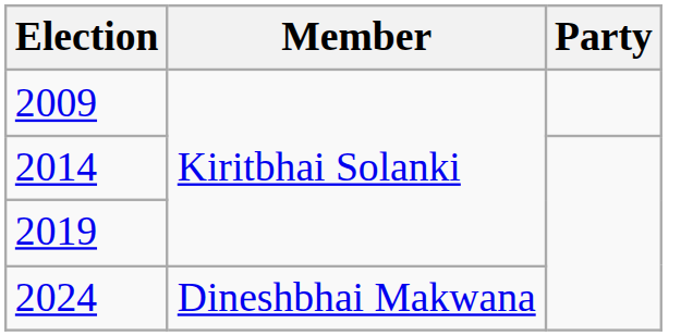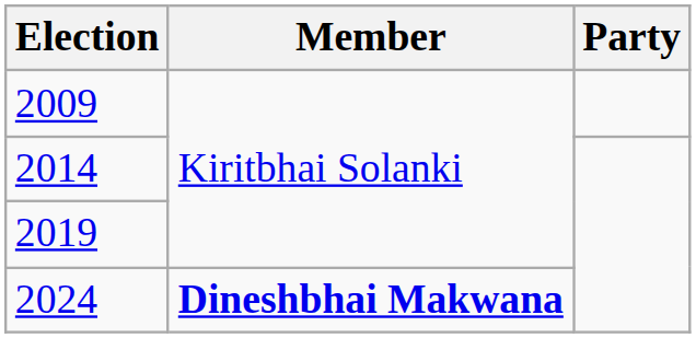 <table class="wikitable sortable">
 <tr>
 <th>Election</th>
 <th>Member</th>
 <th colspan="2">Party</th>
 </tr>
 <tr>
 <td><a href='#'>2009</a></td>
 <td rowspan="3"><a href='#'>Kiritbhai Solanki</a></td>
 <td></td>
 </tr>
 <tr>
 <td><a href='#'>2014</a></td>
 </tr>
 <tr>
 <td><a href='#'>2019</a></td>
 </tr>
 <tr>
 <td><a href='#'>2024</a></td>
-<td><a href='#'>Dineshbhai Makwana</a></td>
+<td><strong><a href='#'>Dineshbhai Makwana</a></strong></td>
 </tr>
 </table>
